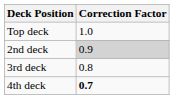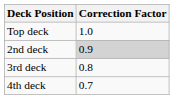 <table class="wikitable">
 <tr>
 <th>Deck Position</th>
 <th>Correction Factor</th>
 </tr>
 <tr>
 <td>Top deck</td>
 <td>1.0</td>
 </tr>
 <tr>
 <td>2nd deck</td>
 <td style="background: lightgrey;">0.9</td>
 </tr>
 <tr>
 <td>3rd deck</td>
 <td>0.8</td>
 </tr>
 <tr>
 <td>4th deck</td>
-<td><strong>0.7</strong></td>
+<td>0.7</td>
 </tr>
 </table>
